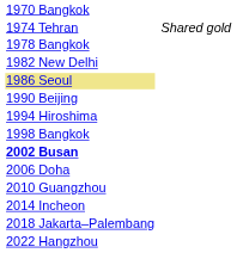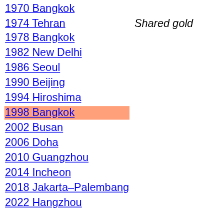 <table>
 <tr>
 <td><a href='#'>1970 Bangkok</a></td>
 <td></td>
 <td></td>
 <td></td>
 </tr>
 <tr>
 <td rowspan=2><a href='#'>1974 Tehran</a></td>
 <td></td>
 <td rowspan=2><em>Shared gold</em></td>
 <td rowspan=2></td>
 </tr>
 <tr>
 <td></td>
 </tr>
 <tr>
 <td><a href='#'>1978 Bangkok</a></td>
 <td></td>
 <td></td>
 <td></td>
 </tr>
 <tr>
 <td><a href='#'>1982 New Delhi</a></td>
 <td></td>
 <td></td>
 <td></td>
 </tr>
 <tr>
-<td style="background: khaki;"><a href='#'>1986 Seoul</a></td>
+<td><a href='#'>1986 Seoul</a></td>
 <td></td>
 <td></td>
 <td></td>
 </tr>
 <tr>
 <td><a href='#'>1990 Beijing</a></td>
 <td></td>
 <td></td>
 <td></td>
 </tr>
 <tr>
 <td><a href='#'>1994 Hiroshima</a></td>
 <td></td>
 <td></td>
 <td></td>
 </tr>
 <tr>
-<td><a href='#'>1998 Bangkok</a></td>
+<td style="background: lightsalmon;"><a href='#'>1998 Bangkok</a></td>
 <td></td>
 <td></td>
 <td></td>
 </tr>
 <tr>
-<td><strong><a href='#'>2002 Busan</a></strong></td>
+<td><a href='#'>2002 Busan</a></td>
 <td></td>
 <td></td>
 <td></td>
 </tr>
 <tr>
 <td rowspan=2><a href='#'>2006 Doha</a></td>
 <td rowspan=2></td>
 <td rowspan=2></td>
 <td></td>
 </tr>
 <tr>
 <td></td>
 </tr>
 <tr>
 <td rowspan=2><a href='#'>2010 Guangzhou</a></td>
 <td rowspan=2></td>
 <td rowspan=2></td>
 <td></td>
 </tr>
 <tr>
 <td></td>
 </tr>
 <tr>
 <td rowspan=2><a href='#'>2014 Incheon</a></td>
 <td rowspan=2></td>
 <td rowspan=2></td>
 <td></td>
 </tr>
 <tr>
 <td></td>
 </tr>
 <tr>
 <td rowspan=2><a href='#'>2018 Jakarta–Palembang</a></td>
 <td rowspan=2></td>
 <td rowspan=2></td>
 <td></td>
 </tr>
 <tr>
 <td></td>
 </tr>
 <tr>
 <td rowspan=2><a href='#'>2022 Hangzhou</a></td>
 <td rowspan=2></td>
 <td rowspan=2></td>
 <td></td>
 </tr>
 <tr>
 <td></td>
 </tr>
 </table>
